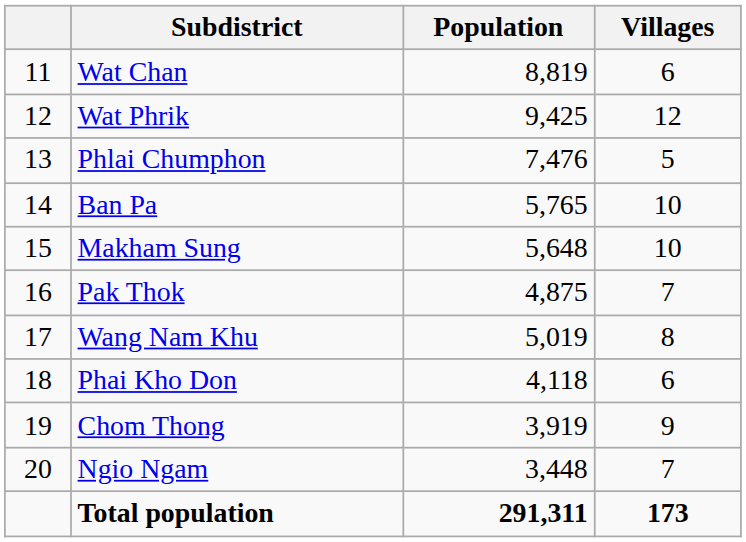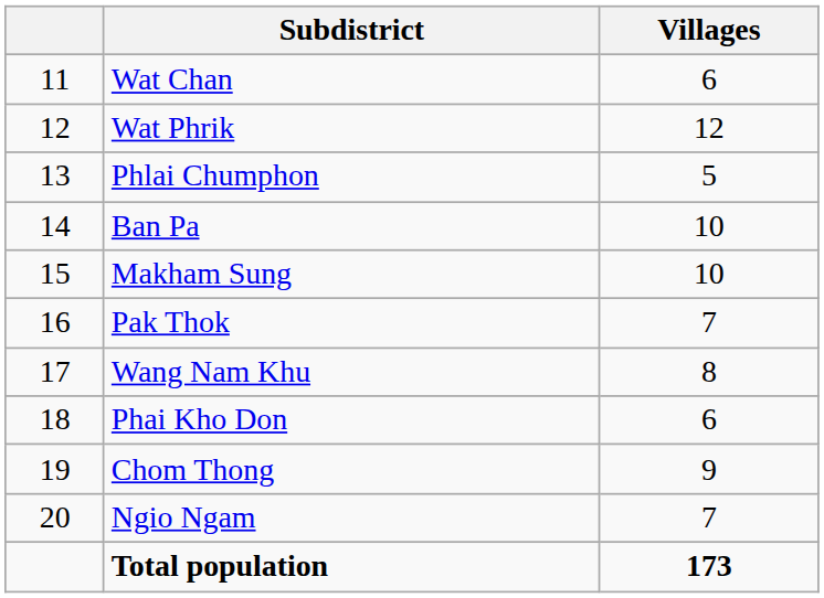 <table class="wikitable" style="width:48%; display:inline-table;">
 <tr>
 <th scope="col" style="width:9%;"> </th>
 <th scope="col" style="width:45%;">Subdistrict</th>
-<th scope="col" style="width:26%;">Population</th>
 <th scope="col" style="width:20%;">Villages</th>
 </tr>
 <tr>
 <td style="text-align:center;">11</td>
 <td><a href='#'>Wat Chan</a></td>
-<td style="text-align:right;">8,819</td>
 <td style="text-align:center;">6</td>
 </tr>
 <tr>
 <td style="text-align:center;">12</td>
 <td><a href='#'>Wat Phrik</a></td>
-<td style="text-align:right;">9,425</td>
 <td style="text-align:center;">12</td>
 </tr>
 <tr>
 <td style="text-align:center;">13</td>
 <td><a href='#'>Phlai Chumphon</a></td>
-<td style="text-align:right;">7,476</td>
 <td style="text-align:center;">5</td>
 </tr>
 <tr>
 <td style="text-align:center;">14</td>
 <td><a href='#'>Ban Pa</a></td>
-<td style="text-align:right;">5,765</td>
 <td style="text-align:center;">10</td>
 </tr>
 <tr>
 <td style="text-align:center;">15</td>
 <td><a href='#'>Makham Sung</a></td>
-<td style="text-align:right;">5,648</td>
 <td style="text-align:center;">10</td>
 </tr>
 <tr>
 <td style="text-align:center;">16</td>
 <td><a href='#'>Pak Thok</a></td>
-<td style="text-align:right;">4,875</td>
 <td style="text-align:center;">7</td>
 </tr>
 <tr>
 <td style="text-align:center;">17</td>
 <td><a href='#'>Wang Nam Khu</a></td>
-<td style="text-align:right;">5,019</td>
 <td style="text-align:center;">8</td>
 </tr>
 <tr>
 <td style="text-align:center;">18</td>
 <td><a href='#'>Phai Kho Don</a></td>
-<td style="text-align:right;">4,118</td>
 <td style="text-align:center;">6</td>
 </tr>
 <tr>
 <td style="text-align:center;">19</td>
 <td><a href='#'>Chom Thong</a></td>
-<td style="text-align:right;">3,919</td>
 <td style="text-align:center;">9</td>
 </tr>
 <tr>
 <td style="text-align:center;">20</td>
 <td><a href='#'>Ngio Ngam</a></td>
-<td style="text-align:right;">3,448</td>
 <td style="text-align:center;">7</td>
 </tr>
 <tr>
 <td></td>
 <td><strong>Total population</strong></td>
-<td style="text-align:right;"><strong>291,311</strong></td>
 <td style="text-align:center;"><strong>173</strong></td>
 </tr>
 </table>
